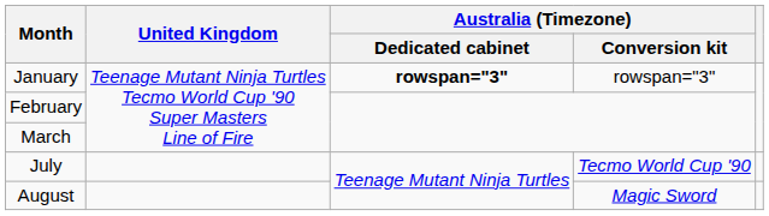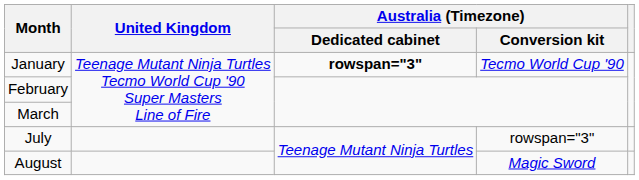 <table class="wikitable sortable" style="text-align:center">
 <tr>
 <th rowspan="2">Month</th>
 <th rowspan="2"><a href='#'>United Kingdom</a></th>
 <th colspan="2"><a href='#'>Australia</a> (Timezone)</th>
 <th rowspan="2" class="unsortable"></th>
 </tr>
 <tr>
 <th>Dedicated cabinet</th>
 <th>Conversion kit</th>
 </tr>
 <tr>
 <td>January</td>
 <td rowspan="3"><em><a href='#'>Teenage Mutant Ninja Turtles</a></em> <br> <em><a href='#'>Tecmo World Cup '90</a></em> <br> <em><a href='#'>Super Masters</a></em> <br> <em><a href='#'>Line of Fire</a></em></td>
 <td><strong>rowspan="3" </strong></td>
-<td>rowspan="3" </td>
+<td><em><a href='#'>Tecmo World Cup '90</a></em></td>
 <td rowspan="3"></td>
 </tr>
 <tr>
 <td>February</td>
 </tr>
 <tr>
 <td>March</td>
 </tr>
 <tr>
 <td>July</td>
 <td></td>
 <td rowspan="2"><em><a href='#'>Teenage Mutant Ninja Turtles</a></em></td>
-<td><em><a href='#'>Tecmo World Cup '90</a></em></td>
+<td>rowspan="3" </td>
 <td></td>
 </tr>
 <tr>
 <td>August</td>
 <td></td>
 <td><em><a href='#'>Magic Sword</a></em></td>
 <td></td>
 </tr>
 </table>
